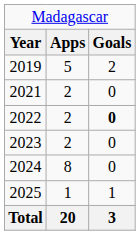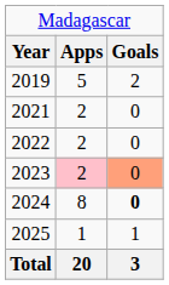 <table class="wikitable" style="text-align:center">
 <tr>
 <td colspan="3"><a href='#'>Madagascar</a></td>
 </tr>
 <tr>
 <th>Year</th>
 <th>Apps</th>
 <th>Goals</th>
 </tr>
 <tr>
 <td>2019</td>
 <td>5</td>
 <td>2</td>
 </tr>
 <tr>
 <td>2021</td>
 <td>2</td>
 <td>0</td>
 </tr>
 <tr>
 <td>2022</td>
 <td>2</td>
-<td><strong>0</strong></td>
+<td>0</td>
 </tr>
 <tr>
 <td>2023</td>
-<td>2</td>
-<td>0</td>
+<td style="background: pink;">2</td>
+<td style="background: lightsalmon;">0</td>
 </tr>
 <tr>
 <td>2024</td>
 <td>8</td>
-<td>0</td>
+<td><strong>0</strong></td>
 </tr>
 <tr>
 <td>2025</td>
 <td>1</td>
 <td>1</td>
 </tr>
 <tr>
 <th>Total</th>
 <th>20</th>
 <th>3</th>
 </tr>
 </table>
